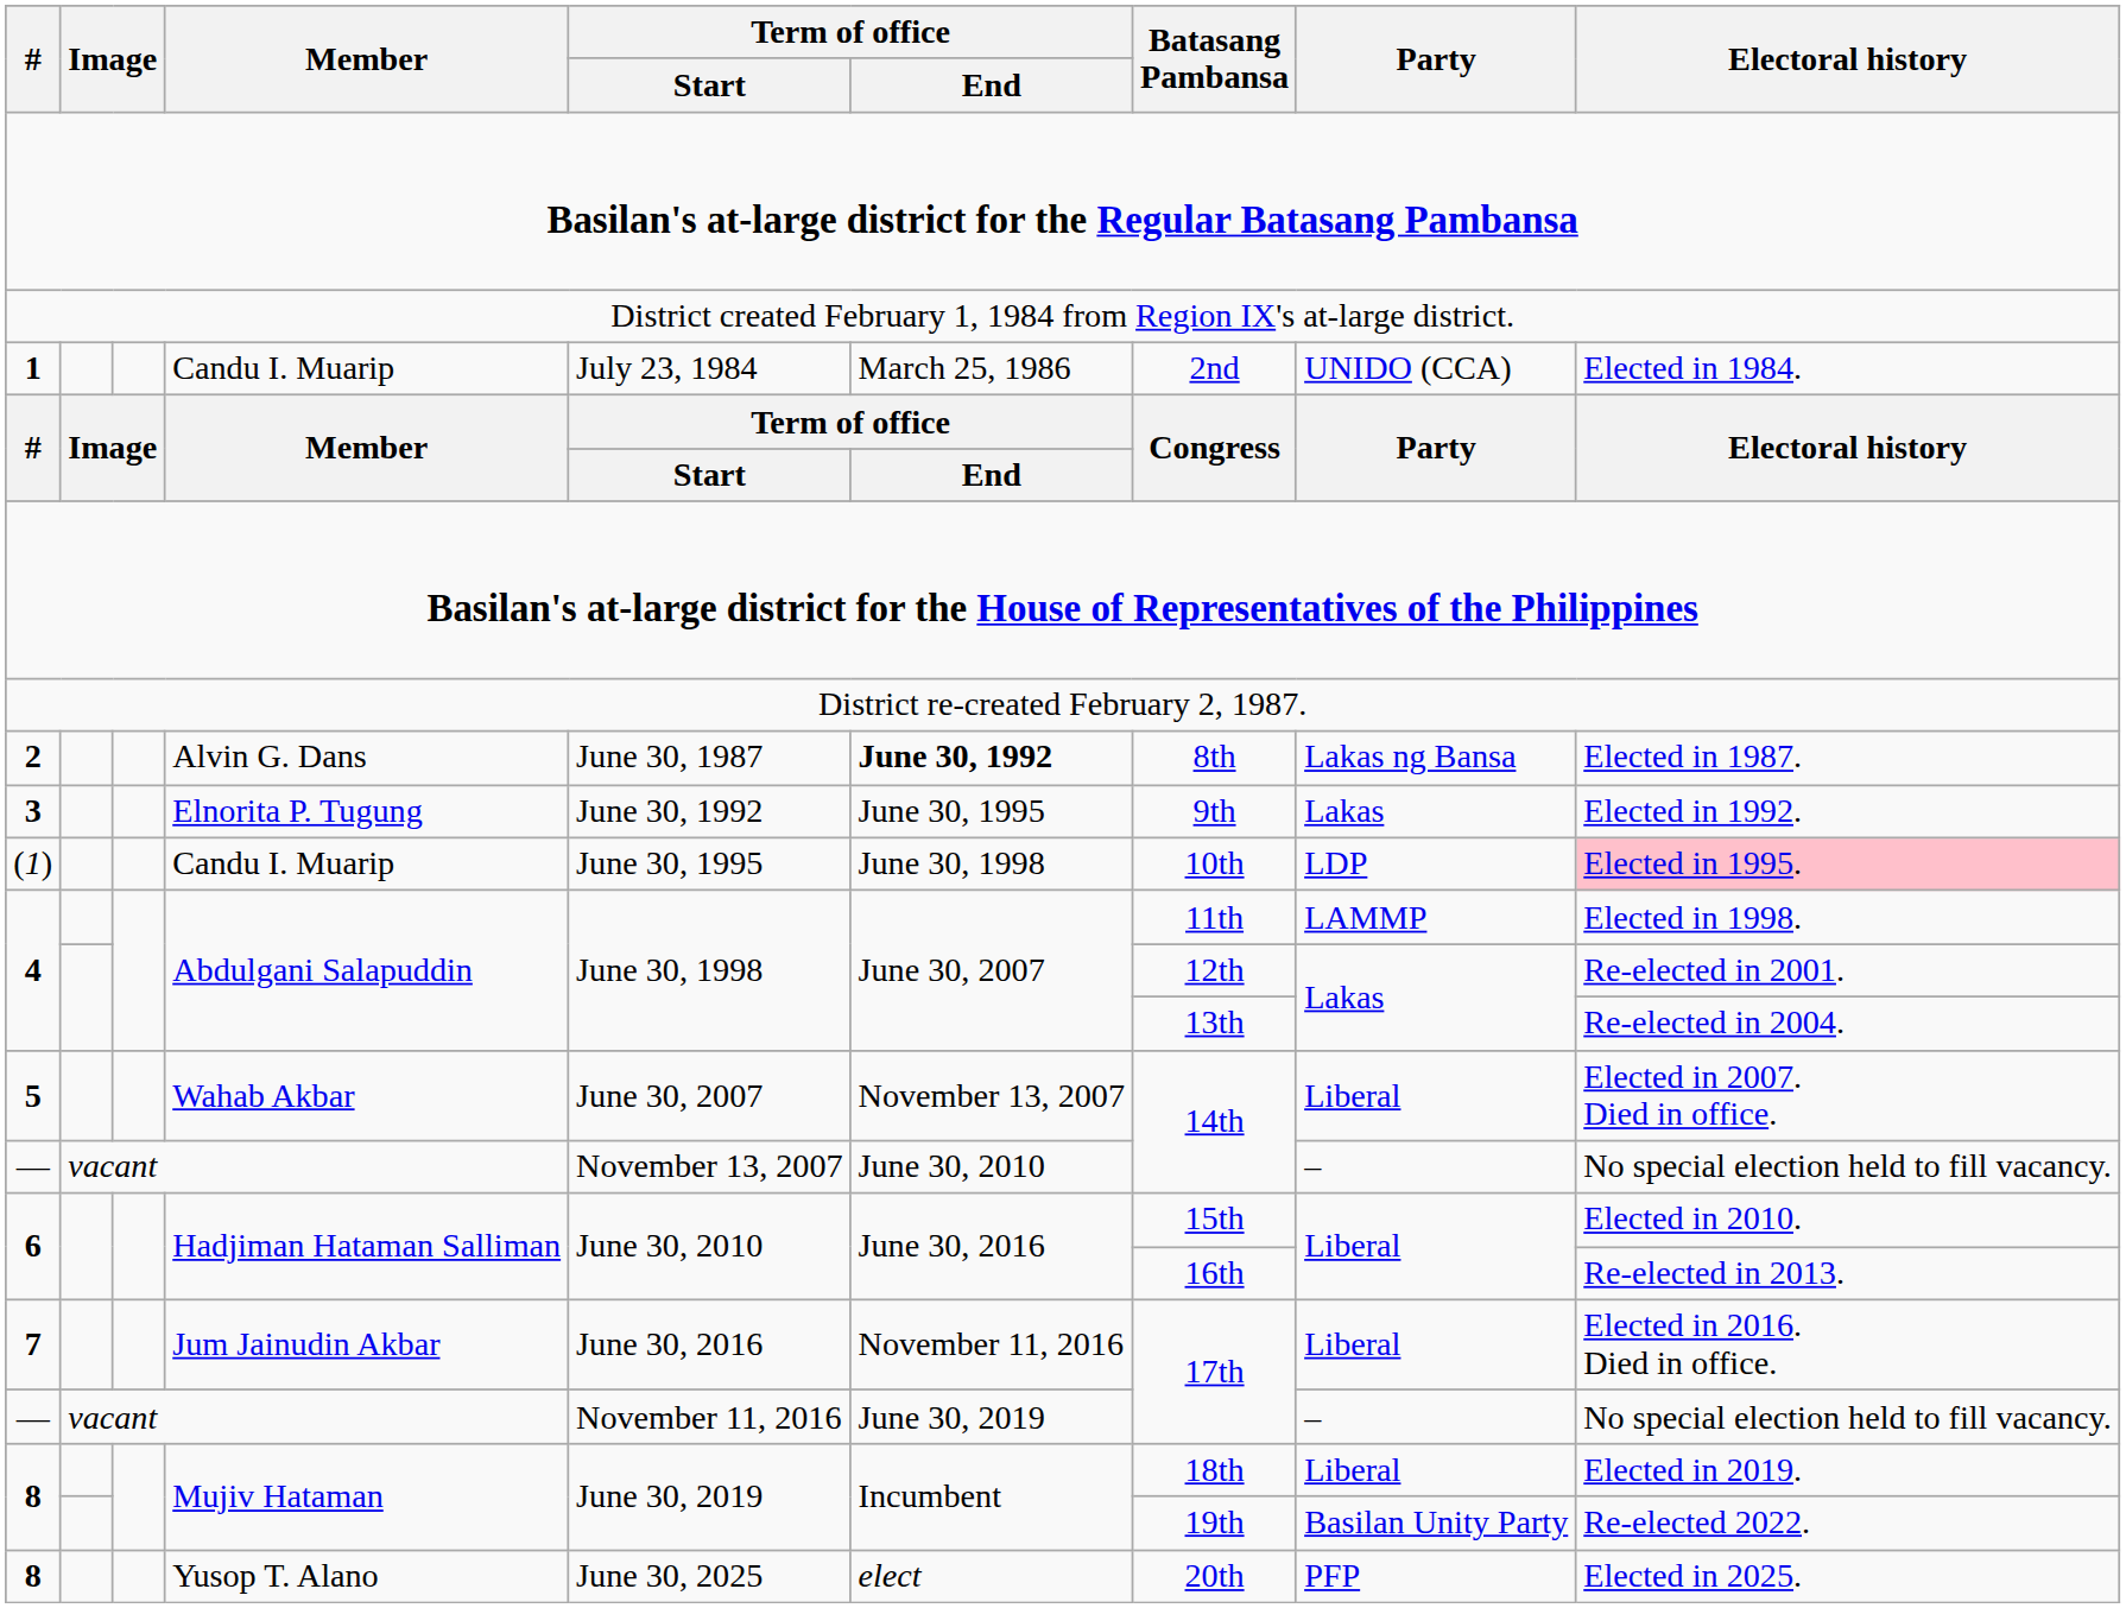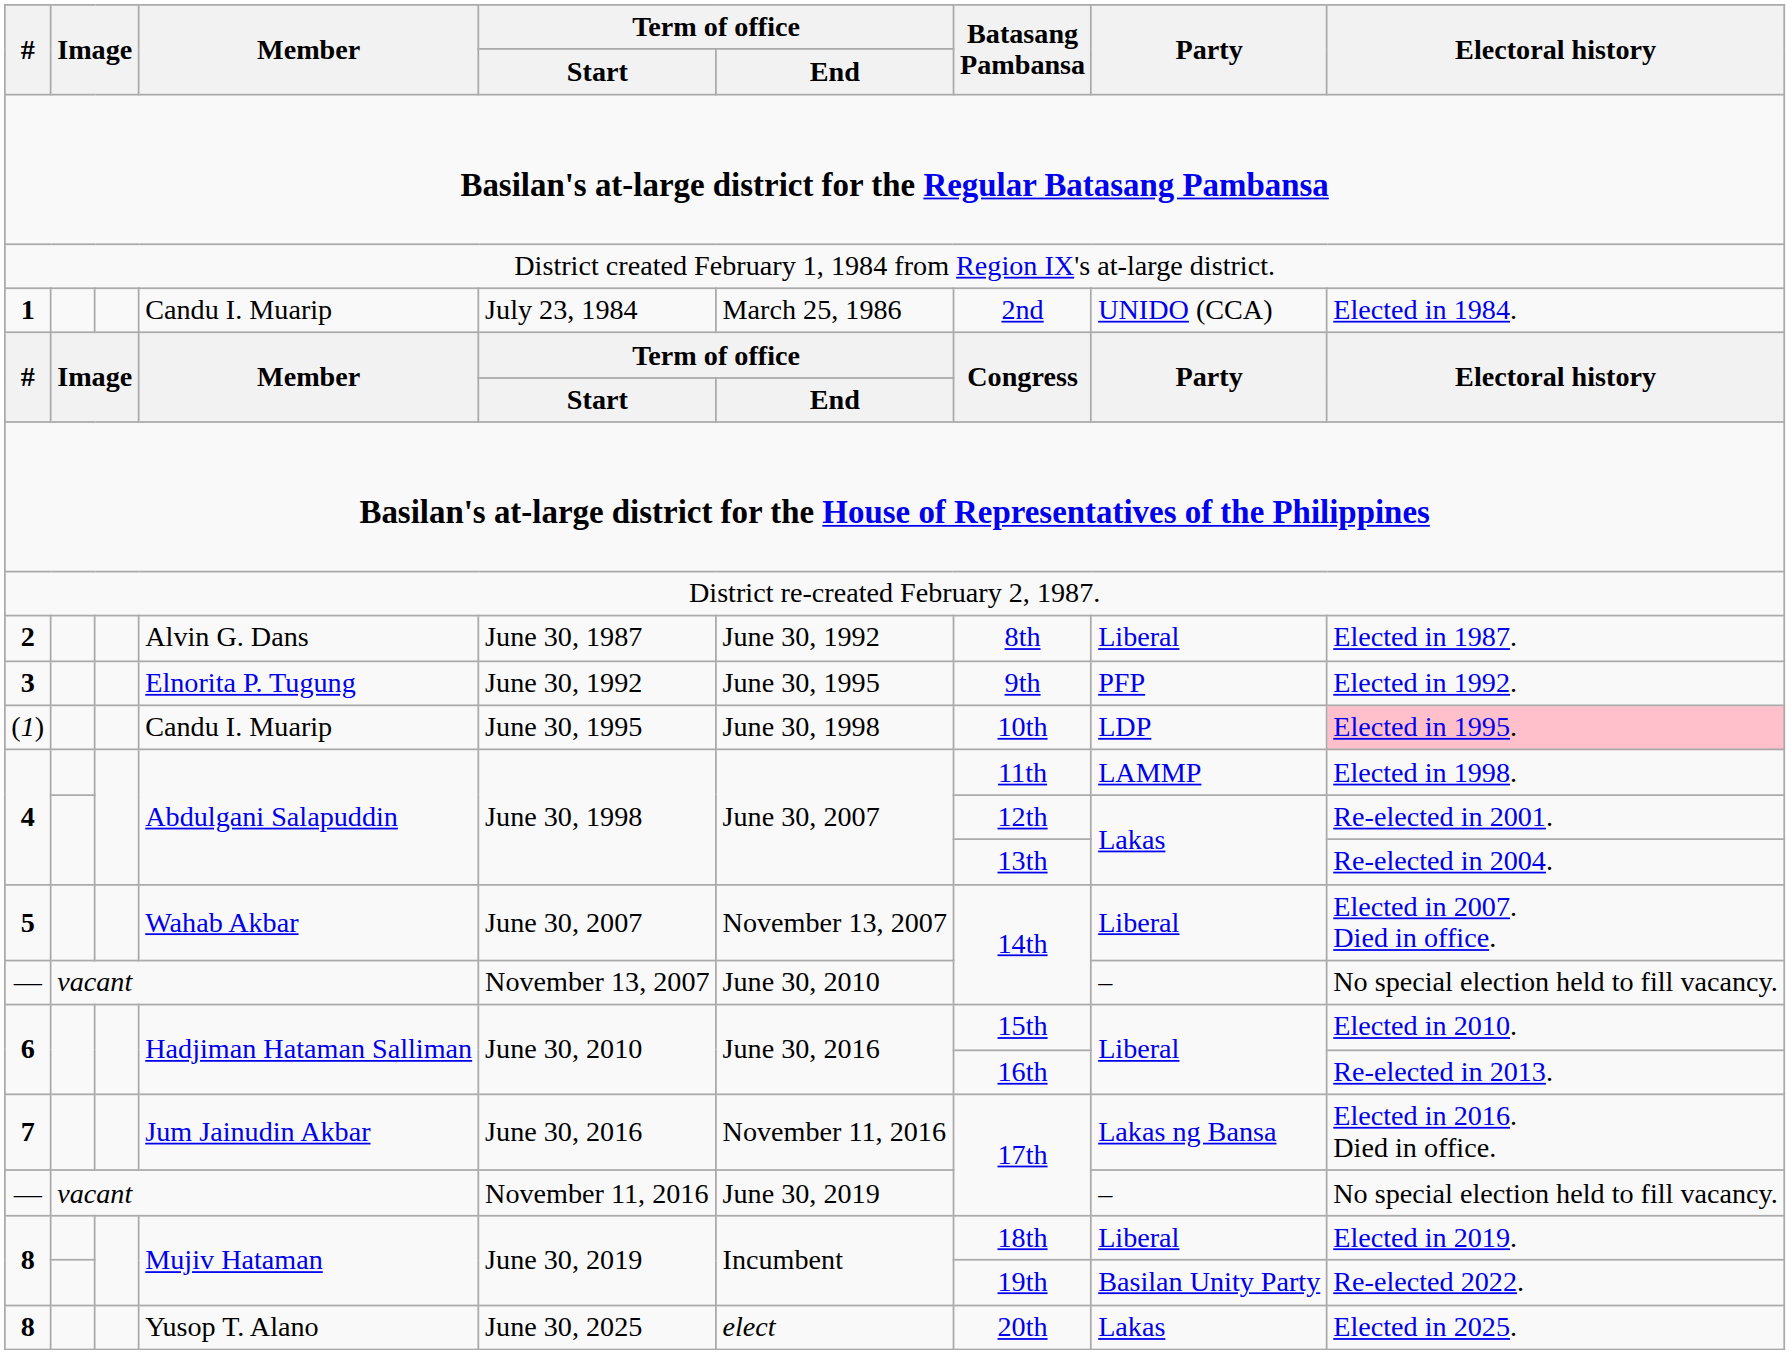 <table class=wikitable>
 <tr>
 <th rowspan="2">#</th>
 <th rowspan="2" colspan=2>Image</th>
 <th rowspan="2">Member</th>
 <th colspan=2>Term of office</th>
 <th rowspan="2">Batasang<br>Pambansa</th>
 <th rowspan="2">Party</th>
 <th rowspan="2">Electoral history</th>
 </tr>
 <tr>
 <th>Start</th>
 <th>End</th>
 </tr>
 <tr>
 <td colspan="9" style="text-align:center;"><br><h3>Basilan's at-large district for the <a href='#'>Regular Batasang Pambansa</a></h3></td>
 </tr>
 <tr>
 <td colspan="9" style="text-align:center;">District created February 1, 1984 from <a href='#'>Region IX</a>'s at-large district.</td>
 </tr>
 <tr>
 <td style="text-align:center;"><strong>1</strong></td>
 <td style="color:inherit;background:"></td>
 <td></td>
 <td>Candu I. Muarip</td>
 <td>July 23, 1984</td>
 <td>March 25, 1986</td>
 <td style="text-align:center;"><a href='#'>2nd</a></td>
 <td><a href='#'>UNIDO</a> (CCA)</td>
 <td><a href='#'>Elected in 1984</a>.</td>
 </tr>
 <tr>
 <th rowspan="2">#</th>
 <th rowspan="2" colspan=2>Image</th>
 <th rowspan="2">Member</th>
 <th colspan=2>Term of office</th>
 <th rowspan="2">Congress</th>
 <th rowspan="2">Party</th>
 <th rowspan="2">Electoral history</th>
 </tr>
 <tr>
 <th>Start</th>
 <th>End</th>
 </tr>
 <tr>
 <td colspan="9" style="text-align:center;"><br><h3>Basilan's at-large district for the <a href='#'>House of Representatives of the Philippines</a></h3></td>
 </tr>
 <tr>
 <td colspan="9" style="text-align:center;">District re-created February 2, 1987.</td>
 </tr>
 <tr>
 <td style="text-align:center;"><strong>2</strong></td>
 <td style="color:inherit;background:"></td>
 <td></td>
 <td>Alvin G. Dans</td>
 <td>June 30, 1987</td>
-<td><strong>June 30, 1992</strong></td>
+<td>June 30, 1992</td>
 <td style="text-align:center;"><a href='#'>8th</a></td>
-<td><a href='#'>Lakas ng Bansa</a></td>
+<td><a href='#'>Liberal</a></td>
 <td><a href='#'>Elected in 1987</a>.</td>
 </tr>
 <tr>
 <td style="text-align:center;"><strong>3</strong></td>
 <td style="color:inherit;background:"></td>
 <td></td>
 <td><a href='#'>Elnorita P. Tugung</a></td>
 <td>June 30, 1992</td>
 <td>June 30, 1995</td>
 <td style="text-align:center;"><a href='#'>9th</a></td>
-<td><a href='#'>Lakas</a></td>
+<td><a href='#'>PFP</a></td>
 <td><a href='#'>Elected in 1992</a>.</td>
 </tr>
 <tr>
 <td style="text-align:center;">(<em>1</em>)</td>
 <td style="color:inherit;background:"></td>
 <td></td>
 <td>Candu I. Muarip</td>
 <td>June 30, 1995</td>
 <td>June 30, 1998</td>
 <td style="text-align:center;"><a href='#'>10th</a></td>
 <td><a href='#'>LDP</a></td>
 <td style="background: pink;"><a href='#'>Elected in 1995</a>.</td>
 </tr>
 <tr>
 <td rowspan="3" style="text-align:center;"><strong>4</strong></td>
 <td style="color:inherit;background:"></td>
 <td rowspan="3"></td>
 <td rowspan="3"><a href='#'>Abdulgani Salapuddin</a></td>
 <td rowspan="3">June 30, 1998</td>
 <td rowspan="3">June 30, 2007</td>
 <td style="text-align:center;"><a href='#'>11th</a></td>
 <td><a href='#'>LAMMP</a></td>
 <td><a href='#'>Elected in 1998</a>.</td>
 </tr>
 <tr>
 <td rowspan="2" style="color:inherit;background:"></td>
 <td style="text-align:center;"><a href='#'>12th</a></td>
 <td rowspan="2"><a href='#'>Lakas</a></td>
 <td><a href='#'>Re-elected in 2001</a>.</td>
 </tr>
 <tr>
 <td style="text-align:center;"><a href='#'>13th</a></td>
 <td><a href='#'>Re-elected in 2004</a>.</td>
 </tr>
 <tr>
 <td style="text-align:center;"><strong>5</strong></td>
 <td style="color:inherit;background:"></td>
 <td></td>
 <td><a href='#'>Wahab Akbar</a></td>
 <td>June 30, 2007</td>
 <td>November 13, 2007</td>
 <td rowspan="2" style="text-align:center;"><a href='#'>14th</a></td>
 <td><a href='#'>Liberal</a></td>
 <td><a href='#'>Elected in 2007</a>.<br><a href='#'>Died in office</a>.</td>
 </tr>
 <tr>
 <td style="text-align:center;">—</td>
 <td colspan="3"><em>vacant</em></td>
 <td>November 13, 2007</td>
 <td>June 30, 2010</td>
 <td>–</td>
 <td>No special election held to fill vacancy.</td>
 </tr>
 <tr>
 <td rowspan="2" style="text-align:center;"><strong>6</strong></td>
 <td rowspan="2" style="color:inherit;background:"></td>
 <td rowspan="2"></td>
 <td rowspan="2"><a href='#'>Hadjiman Hataman Salliman</a></td>
 <td rowspan="2">June 30, 2010</td>
 <td rowspan="2">June 30, 2016</td>
 <td style="text-align:center;"><a href='#'>15th</a></td>
 <td rowspan="2"><a href='#'>Liberal</a></td>
 <td><a href='#'>Elected in 2010</a>.</td>
 </tr>
 <tr>
 <td style="text-align:center;"><a href='#'>16th</a></td>
 <td><a href='#'>Re-elected in 2013</a>.</td>
 </tr>
 <tr>
 <td style="text-align:center;"><strong>7</strong></td>
 <td style="color:inherit;background:"></td>
 <td></td>
 <td><a href='#'>Jum Jainudin Akbar</a></td>
 <td>June 30, 2016</td>
 <td>November 11, 2016</td>
 <td rowspan="2" style="text-align:center;"><a href='#'>17th</a></td>
-<td><a href='#'>Liberal</a></td>
+<td><a href='#'>Lakas ng Bansa</a></td>
 <td><a href='#'>Elected in 2016</a>.<br>Died in office.</td>
 </tr>
 <tr>
 <td style="text-align:center;">—</td>
 <td colspan="3"><em>vacant</em></td>
 <td>November 11, 2016</td>
 <td>June 30, 2019</td>
 <td>–</td>
 <td>No special election held to fill vacancy.</td>
 </tr>
 <tr>
 <td rowspan="2" style="text-align:center;"><strong>8</strong></td>
 <td style="color:inherit;background:"></td>
 <td rowspan="2"></td>
 <td rowspan="2"><a href='#'>Mujiv Hataman</a></td>
 <td rowspan="2">June 30, 2019</td>
 <td rowspan="2">Incumbent</td>
 <td style="text-align:center;"><a href='#'>18th</a></td>
 <td><a href='#'>Liberal</a></td>
 <td><a href='#'>Elected in 2019</a>.</td>
 </tr>
 <tr>
 <td style="color:inherit;background:"></td>
 <td style="text-align:center;"><a href='#'>19th</a></td>
 <td><a href='#'>Basilan Unity Party</a></td>
 <td><a href='#'>Re-elected 2022</a>.</td>
 </tr>
 <tr>
 <td style="text-align:center;"><strong>8</strong></td>
 <td style="color:inherit;background:"></td>
 <td></td>
 <td>Yusop T. Alano</td>
 <td>June 30, 2025</td>
 <td><em>elect</td>
 <td style="text-align:center;"><a href='#'>20th</a></td>
-<td><a href='#'>PFP</a></td>
+<td><a href='#'>Lakas</a></td>
 <td><a href='#'>Elected in 2025</a>.</td>
 </tr>
 </table>
